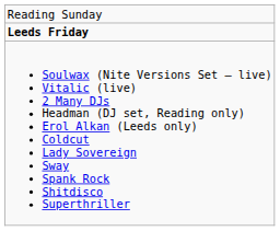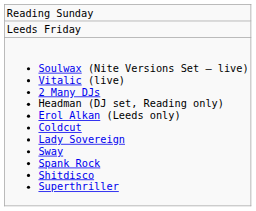 <table class="wikitable">
 <tr>
 <td>Reading Sunday</td>
 </tr>
 <tr>
-<td><strong>Leeds Friday</strong></td>
+<td>Leeds Friday</td>
 </tr>
 <tr>
 <td><br><ul><li><a href='#'>Soulwax</a> (Nite Versions Set – live)</li><li><a href='#'>Vitalic</a> (live)</li><li><a href='#'>2 Many DJs</a></li><li>Headman (DJ set, Reading only)</li><li><a href='#'>Erol Alkan</a> (Leeds only)</li><li><a href='#'>Coldcut</a></li><li><a href='#'>Lady Sovereign</a></li><li><a href='#'>Sway</a></li><li><a href='#'>Spank Rock</a></li><li><a href='#'>Shitdisco</a></li><li><a href='#'>Superthriller</a></li></ul></td>
 </tr>
 </table>
